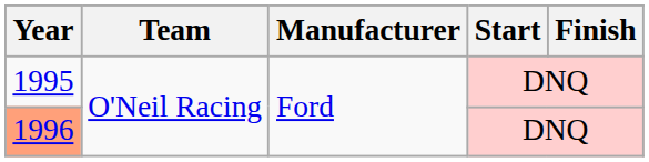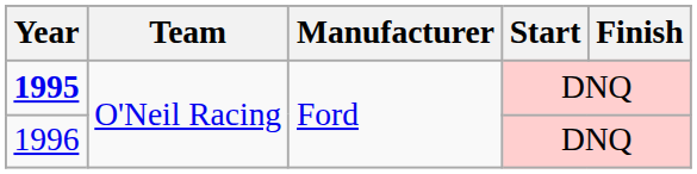 <table class="wikitable" style="font-size: 90%;">
 <tr>
 <th>Year</th>
 <th>Team</th>
 <th>Manufacturer</th>
 <th>Start</th>
 <th>Finish</th>
 </tr>
 <tr>
-<td><a href='#'>1995</a></td>
+<td><strong><a href='#'>1995</a></strong></td>
 <td rowspan=2><a href='#'>O'Neil Racing</a></td>
 <td rowspan=2><a href='#'>Ford</a></td>
 <td colspan=2 align=center style="background:#FFCFCF;">DNQ</td>
 </tr>
 <tr>
-<td style="background: lightsalmon;"><a href='#'>1996</a></td>
+<td><a href='#'>1996</a></td>
 <td colspan=2 align=center style="background:#FFCFCF;">DNQ</td>
 </tr>
 </table>
